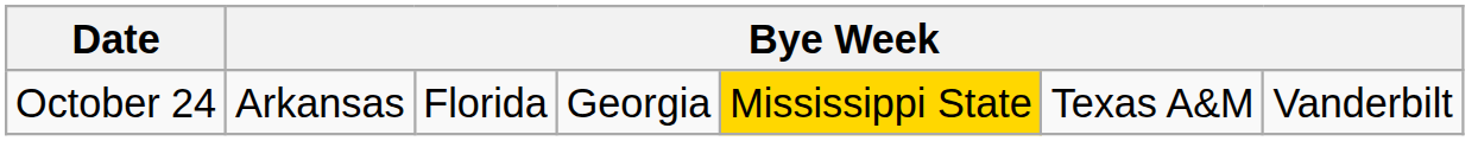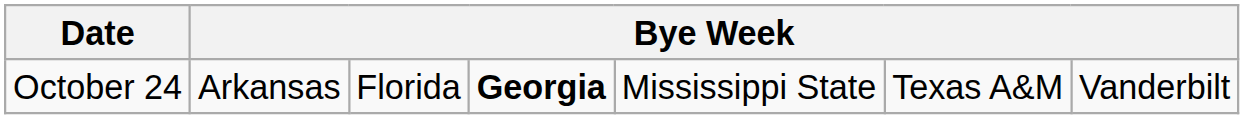 <table class="wikitable" style="font-size:95%;">
 <tr>
 <th>Date</th>
 <th colspan="6">Bye Week</th>
 </tr>
 <tr>
 <td>October 24</td>
 <td>Arkansas</td>
 <td>Florida</td>
-<td>Georgia</td>
-<td style="background: gold;">Mississippi State</td>
+<td><strong>Georgia</strong></td>
+<td>Mississippi State</td>
 <td>Texas A&M</td>
 <td>Vanderbilt</td>
 </tr>
 </table>
